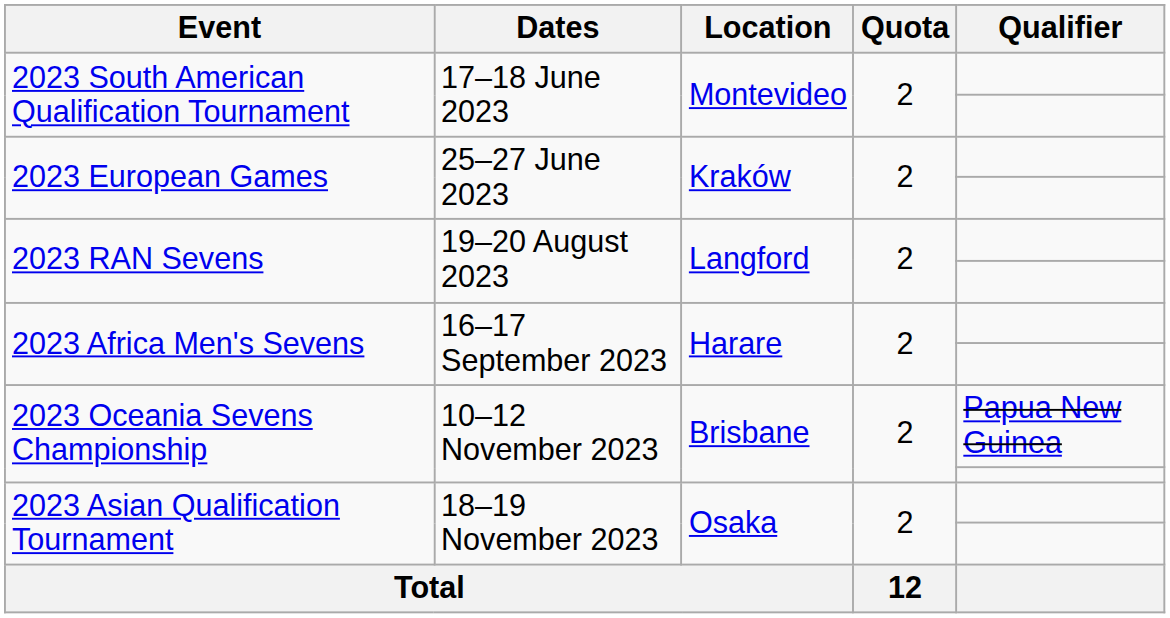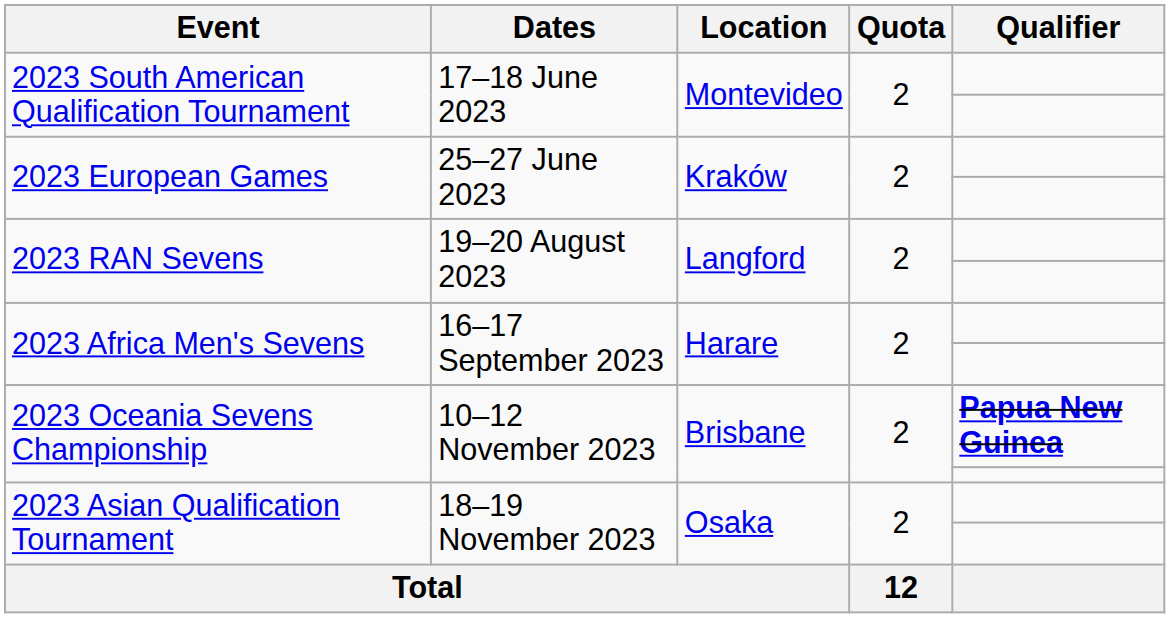 <table class=wikitable>
 <tr>
 <th>Event</th>
 <th>Dates</th>
 <th>Location</th>
 <th>Quota</th>
 <th>Qualifier</th>
 </tr>
 <tr>
 <td rowspan=2><a href='#'>2023 South American Qualification Tournament</a></td>
 <td rowspan=2>17–18 June 2023</td>
 <td rowspan=2> <a href='#'>Montevideo</a></td>
 <td rowspan=2 align=center>2</td>
 <td></td>
 </tr>
 <tr>
 <td></td>
 </tr>
 <tr>
 <td rowspan=2><a href='#'>2023 European Games</a></td>
 <td rowspan=2>25–27 June 2023</td>
 <td rowspan=2> <a href='#'>Kraków</a></td>
 <td rowspan=2 align=center>2</td>
 <td></td>
 </tr>
 <tr>
 <td></td>
 </tr>
 <tr>
 <td rowspan=2><a href='#'>2023 RAN Sevens</a></td>
 <td rowspan=2>19–20 August 2023</td>
 <td rowspan=2> <a href='#'>Langford</a></td>
 <td rowspan=2 align=center>2</td>
 <td></td>
 </tr>
 <tr>
 <td></td>
 </tr>
 <tr>
 <td rowspan=2><a href='#'>2023 Africa Men's Sevens</a></td>
 <td rowspan=2>16–17 September 2023</td>
 <td rowspan=2> <a href='#'>Harare</a></td>
 <td rowspan=2 align=center>2</td>
 <td></td>
 </tr>
 <tr>
 <td></td>
 </tr>
 <tr>
 <td rowspan=2><a href='#'>2023 Oceania Sevens Championship</a></td>
 <td rowspan=2>10–12 November 2023</td>
 <td rowspan=2> <a href='#'>Brisbane</a></td>
 <td rowspan=2 align=center>2</td>
-<td> <s><a href='#'>Papua New Guinea</a></s></td>
+<td><strong> <s><a href='#'>Papua New Guinea</a></s></strong></td>
 </tr>
 <tr>
 <td></td>
 </tr>
 <tr>
 <td rowspan=2><a href='#'>2023 Asian Qualification Tournament</a></td>
 <td rowspan=2>18–19 November 2023</td>
 <td rowspan=2> <a href='#'>Osaka</a></td>
 <td rowspan=2 align=center>2</td>
 <td></td>
 </tr>
 <tr>
 <td></td>
 </tr>
 <tr>
 <th colspan=3>Total</th>
 <th>12</th>
 <th></th>
 </tr>
 </table>
